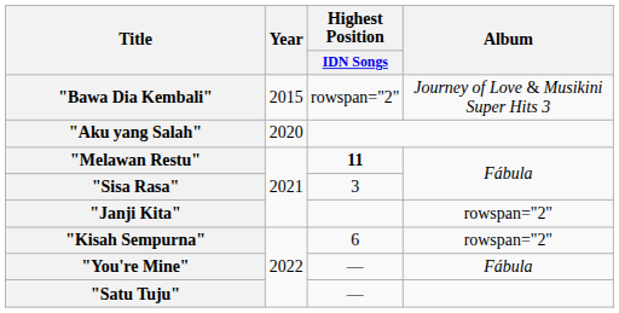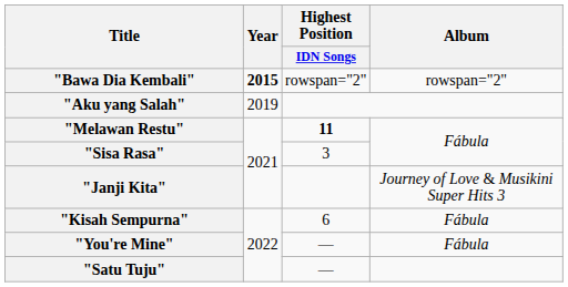 <table class="wikitable plainrowheaders" style="text-align:center">
 <tr>
 <th scope="col" rowspan="2" style="width:15em;">Title</th>
 <th scope="col" rowspan="2">Year</th>
 <th scope="col" colspan="1">Highest Position</th>
 <th scope="col" rowspan="2" style="width:12em;">Album</th>
 </tr>
 <tr>
 <th scope="col" style="width:2em;font-size:85%;"><a href='#'>IDN Songs</a></th>
 </tr>
 <tr>
 <th scope="row">"Bawa Dia Kembali"</th>
-<td>2015</td>
+<td><strong>2015</strong></td>
 <td>rowspan="2" </td>
-<td><em>Journey of Love</em> & <em>Musikini Super Hits 3</em></td>
+<td>rowspan="2" </td>
 </tr>
 <tr>
 <th scope="row">"Aku yang Salah"<br></th>
-<td>2020</td>
+<td>2019</td>
 </tr>
 <tr>
 <th scope="row">"Melawan Restu"</th>
 <td rowspan="3">2021</td>
 <td><strong>11</strong></td>
 <td rowspan="2"><em>Fábula</em></td>
 </tr>
 <tr>
 <th scope="row">"Sisa Rasa"</th>
 <td>3</td>
 </tr>
 <tr>
 <th scope="row">"Janji Kita"<br></th>
 <td></td>
-<td>rowspan="2" </td>
+<td><em>Journey of Love</em> & <em>Musikini Super Hits 3</em></td>
 </tr>
 <tr>
 <th scope="row">"Kisah Sempurna"</th>
 <td rowspan="3">2022</td>
 <td>6</td>
-<td>rowspan="2" </td>
+<td><em>Fábula</em></td>
 </tr>
 <tr>
 <th scope="row">"You're Mine"<br></th>
 <td>—</td>
 <td><em>Fábula</em></td>
 </tr>
 <tr>
 <th scope="row">"Satu Tuju"<br></th>
 <td>—</td>
 </tr>
 </table>
